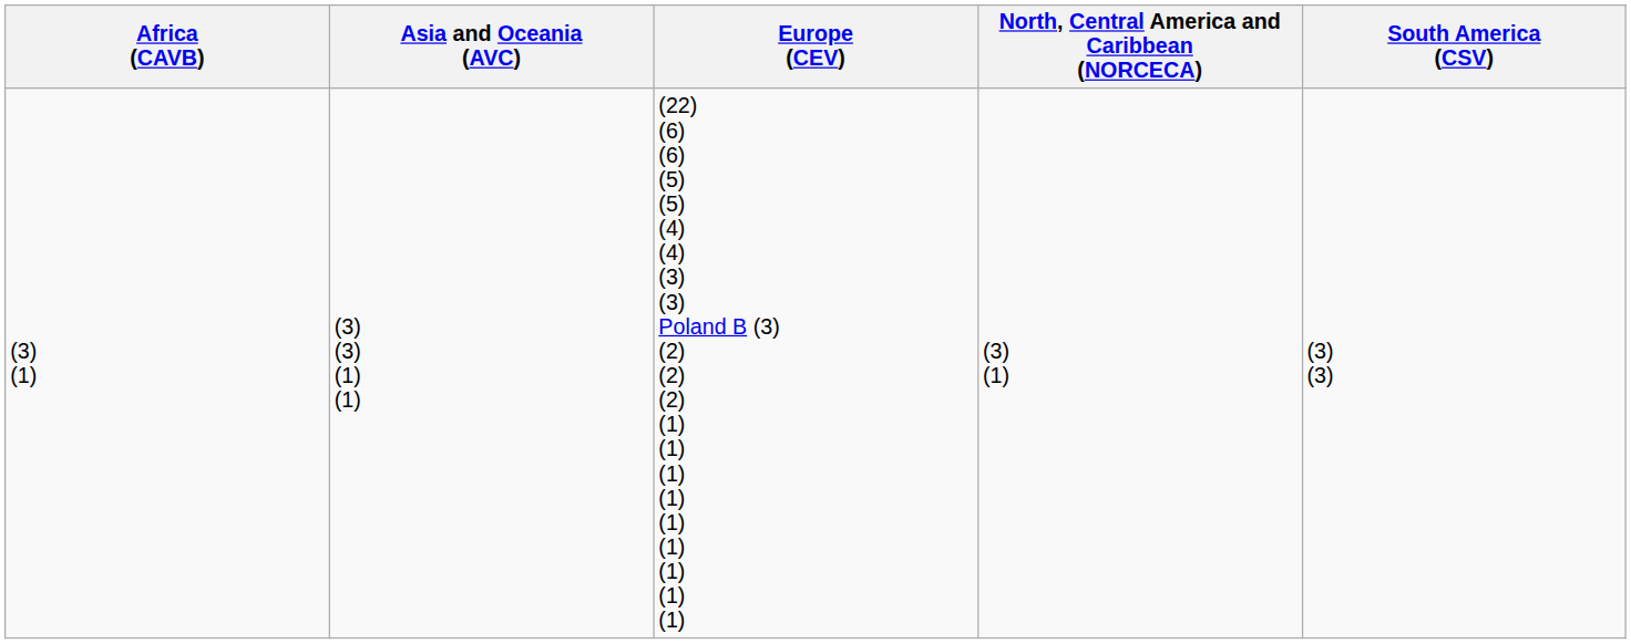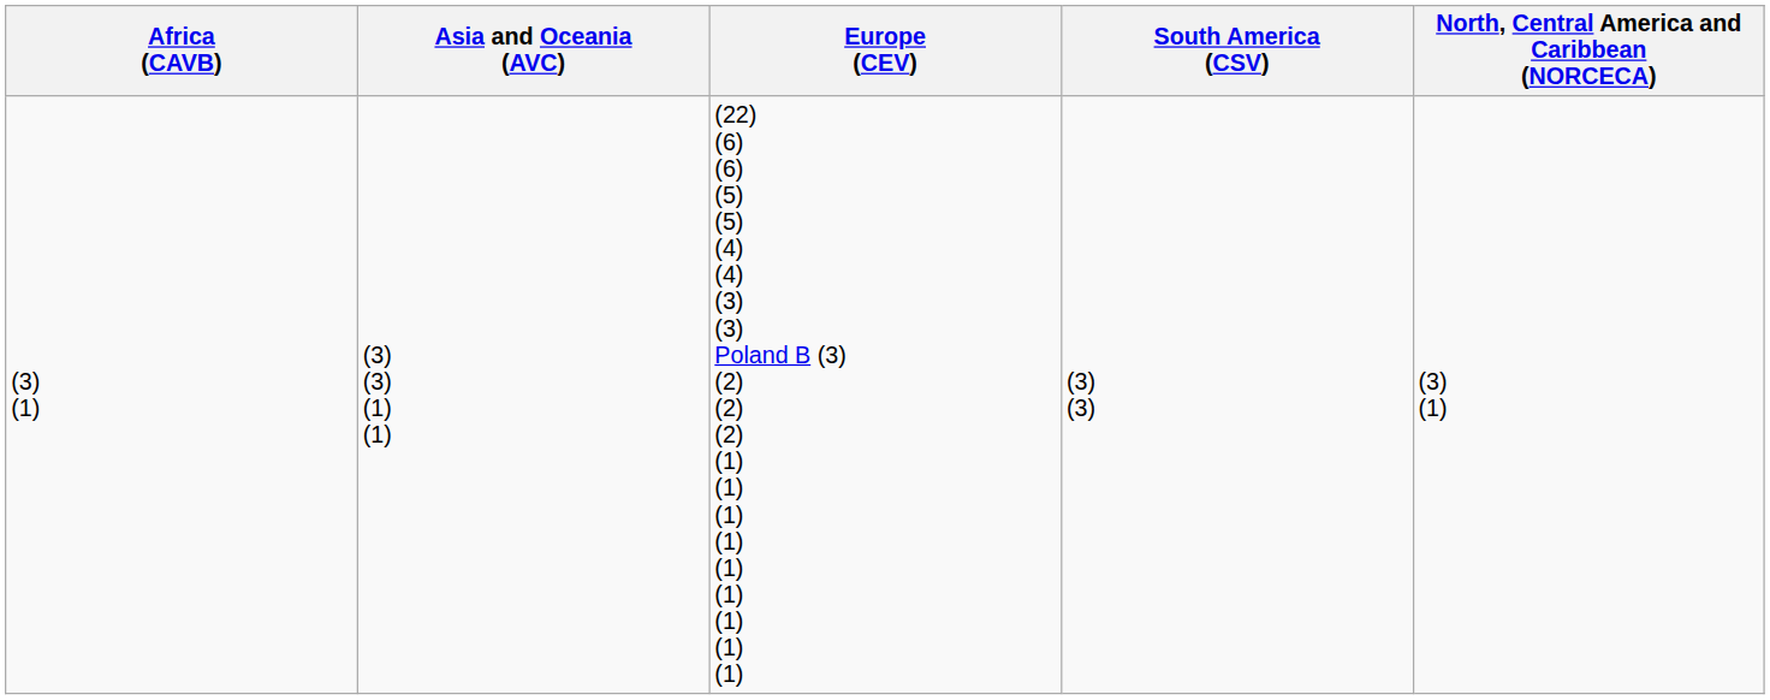 <table class="wikitable" style="width:60%;">
 <tr>
 <th style="width:20%; text-align:center;"><strong><a href='#'>Africa</a></strong><br>(<a href='#'>CAVB</a>)</th>
 <th style="width:20%; text-align:center;"><strong><a href='#'>Asia</a> and <a href='#'>Oceania</a></strong><br>(<a href='#'>AVC</a>)</th>
 <th style="width:20%; text-align:center;"><strong><a href='#'>Europe</a></strong><br>(<a href='#'>CEV</a>)</th>
+<th style="width:20%; text-align:center;"><strong><a href='#'>South America</a><br></strong>(<a href='#'>CSV</a>)</th>
 <th style="width:20%; text-align:center;"><strong><a href='#'>North</a>, <a href='#'>Central</a> America and <a href='#'>Caribbean</a></strong><br>(<a href='#'>NORCECA</a>)</th>
-<th style="width:20%; text-align:center;"><strong><a href='#'>South America</a><br></strong>(<a href='#'>CSV</a>)</th>
 </tr>
 <tr>
 <td> (3)<br> (1)</td>
 <td> (3)<br>  (3)<br> (1)<br>  (1)</td>
 <td> (22)<br> (6)<br> (6)<br> (5)<br> (5)<br> (4)<br> (4)<br> (3)<br> (3)<br> <a href='#'>Poland B</a> (3)<br> (2)<br> (2)<br> (2)<br>  (1)<br>  (1)<br> (1)<br>  (1)<br> (1)<br> (1)<br> (1)<br> (1)<br> (1)<br></td>
+<td> (3)<br> (3)</td>
 <td> (3)<br> (1)</td>
-<td> (3)<br> (3)</td>
 </tr>
 </table>
